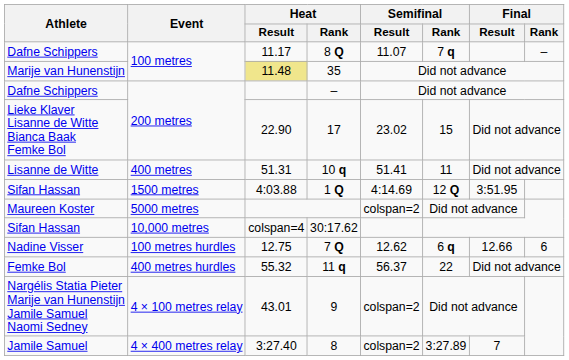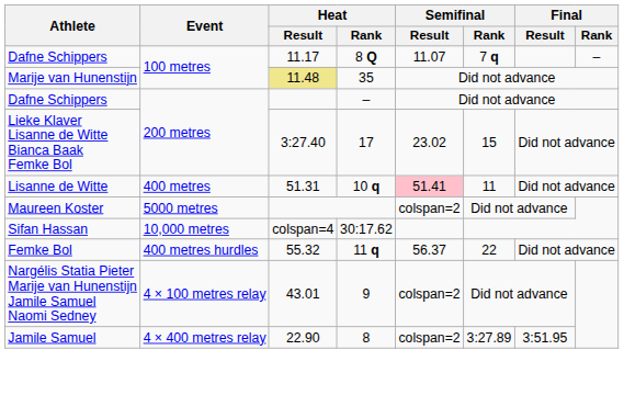 <table class="wikitable" style="font-size:90%">
 <tr>
 <th rowspan="2">Athlete</th>
 <th rowspan="2">Event</th>
 <th colspan="2">Heat</th>
 <th colspan="2">Semifinal</th>
 <th colspan="2">Final</th>
 </tr>
 <tr style="font-size:95%">
 <th>Result</th>
 <th>Rank</th>
 <th>Result</th>
 <th>Rank</th>
 <th>Result</th>
 <th>Rank</th>
 </tr>
 <tr align=center>
 <td align=left><a href='#'>Dafne Schippers</a></td>
 <td align=left rowspan=2><a href='#'>100 metres</a></td>
 <td>11.17</td>
 <td>8 <strong>Q</strong></td>
 <td>11.07</td>
 <td>7 <strong>q</strong></td>
 <td></td>
 <td>–</td>
 </tr>
 <tr align=center>
 <td align=left><a href='#'>Marije van Hunenstijn</a></td>
 <td style="background: khaki;">11.48</td>
 <td>35</td>
 <td colspan=4>Did not advance</td>
 </tr>
 <tr align=center>
 <td align=left><a href='#'>Dafne Schippers</a></td>
 <td align=left rowspan=2><a href='#'>200 metres</a></td>
 <td></td>
 <td>–</td>
 <td colspan=4>Did not advance</td>
 </tr>
 <tr align=center>
 <td align=left><a href='#'>Lieke Klaver</a> <br><a href='#'>Lisanne de Witte</a> <br><a href='#'>Bianca Baak</a> <br><a href='#'>Femke Bol</a></td>
-<td>22.90</td>
+<td>3:27.40</td>
 <td>17</td>
 <td>23.02</td>
 <td>15</td>
 <td colspan=2>Did not advance</td>
 </tr>
 <tr align=center>
 <td align=left><a href='#'>Lisanne de Witte</a></td>
 <td align=left><a href='#'>400 metres</a></td>
 <td>51.31</td>
 <td>10 <strong>q</strong></td>
-<td>51.41</td>
+<td style="background: pink;">51.41</td>
 <td>11</td>
 <td colspan=2>Did not advance</td>
-</tr>
-<tr align=center>
-<td align=left><a href='#'>Sifan Hassan</a></td>
-<td align=left><a href='#'>1500 metres</a></td>
-<td>4:03.88</td>
-<td>1 <strong>Q</strong></td>
-<td>4:14.69</td>
-<td>12 <strong>Q</strong></td>
-<td>3:51.95</td>
-<td></td>
 </tr>
 <tr align=center>
 <td align=left><a href='#'>Maureen Koster</a></td>
 <td align=left><a href='#'>5000 metres</a></td>
 <td colspan=2></td>
 <td>colspan=2 </td>
 <td colspan=2>Did not advance</td>
 </tr>
 <tr align=center>
 <td align=left><a href='#'>Sifan Hassan</a></td>
 <td align=left><a href='#'>10,000 metres</a></td>
 <td>colspan=4 </td>
 <td>30:17.62</td>
 <td></td>
-</tr>
-<tr align=center>
-<td align=left><a href='#'>Nadine Visser</a></td>
-<td align=left><a href='#'>100 metres hurdles</a></td>
-<td>12.75</td>
-<td>7 <strong>Q</strong></td>
-<td>12.62</td>
-<td>6 <strong>q</strong></td>
-<td>12.66</td>
-<td>6</td>
 </tr>
 <tr align=center>
 <td align=left><a href='#'>Femke Bol</a></td>
 <td align=left><a href='#'>400 metres hurdles</a></td>
 <td>55.32</td>
 <td>11 <strong>q</strong></td>
 <td>56.37</td>
 <td>22</td>
 <td colspan=2>Did not advance</td>
 </tr>
 <tr align=center>
 <td align=left><a href='#'>Nargélis Statia Pieter</a> <br><a href='#'>Marije van Hunenstijn</a> <br><a href='#'>Jamile Samuel</a> <br><a href='#'>Naomi Sedney</a></td>
 <td align=left><a href='#'>4 × 100 metres relay</a></td>
 <td>43.01</td>
 <td>9</td>
 <td>colspan=2 </td>
 <td colspan=2>Did not advance</td>
 </tr>
 <tr align=center>
 <td align=left><a href='#'>Jamile Samuel</a></td>
 <td align=left><a href='#'>4 × 400 metres relay</a></td>
-<td>3:27.40</td>
+<td>22.90</td>
 <td>8</td>
 <td>colspan=2 </td>
 <td>3:27.89</td>
-<td>7</td>
+<td>3:51.95</td>
 </tr>
 </table>
